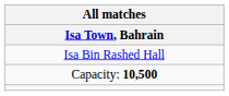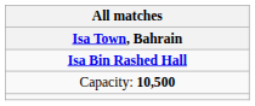 <table class="wikitable" style="text-align:center" width=280>
 <tr>
 <th>All matches</th>
 </tr>
 <tr>
 <th><strong><a href='#'>Isa Town</a>, Bahrain</strong></th>
 </tr>
 <tr>
-<td><a href='#'>Isa Bin Rashed Hall</a></td>
+<td><strong><a href='#'>Isa Bin Rashed Hall</a></strong></td>
 </tr>
 <tr>
 <td>Capacity: <strong>10,500</strong></td>
 </tr>
 <tr>
 <td></td>
 </tr>
 </table>
